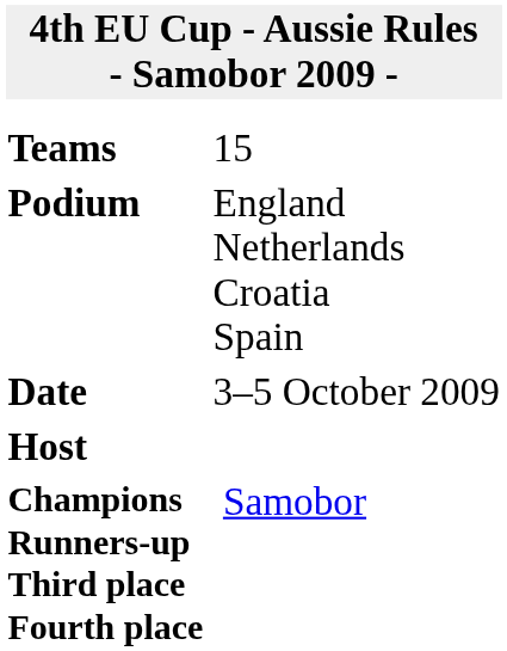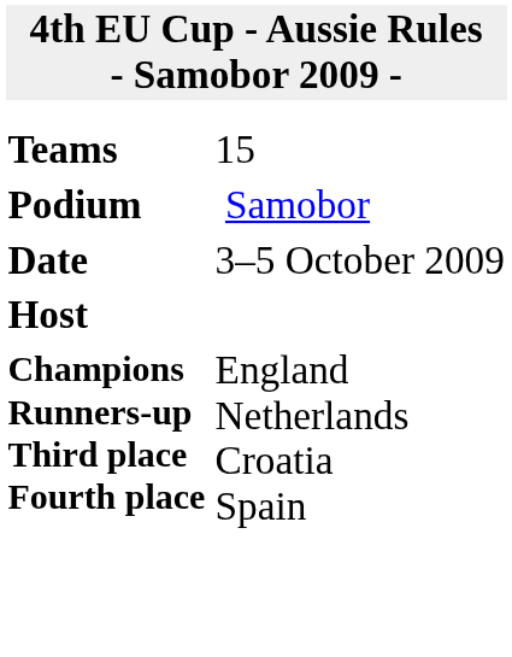 <table class="toccolours" style="float: right; margin: 0 0 1em 1em;">
 <tr>
 <td colspan="2" style="background: #efefef; text-align: center;"><strong>4th EU Cup - Aussie Rules <br>- Samobor 2009 -</strong></td>
 </tr>
 <tr>
 <td colspan="2" style="text-align: center;"></td>
 </tr>
 <tr style="vertical-align:top;">
 <th colspan=2></th>
 </tr>
 <tr style="vertical-align:top;">
 <td><strong>Teams</strong></td>
 <td>15</td>
 </tr>
 <tr style="vertical-align:top;">
 <td><strong>Podium</strong></td>
-<td> England<br> Netherlands<br> Croatia<br> Spain</td>
+<td> <a href='#'>Samobor</a></td>
 </tr>
 <tr style="vertical-align:top;">
 <td><strong>Date</strong></td>
 <td>3–5 October 2009</td>
 </tr>
 <tr style="vertical-align:top;">
 <td><strong>Host</strong></td>
 </tr>
 <tr style="vertical-align:top;">
 <td style=font-size:90%><strong>Champions</strong> <br><strong>Runners-up</strong> <br><strong>Third place</strong> <br><strong>Fourth place</strong></td>
-<td> <a href='#'>Samobor</a></td>
+<td> England<br> Netherlands<br> Croatia<br> Spain</td>
 </tr>
 </table>
